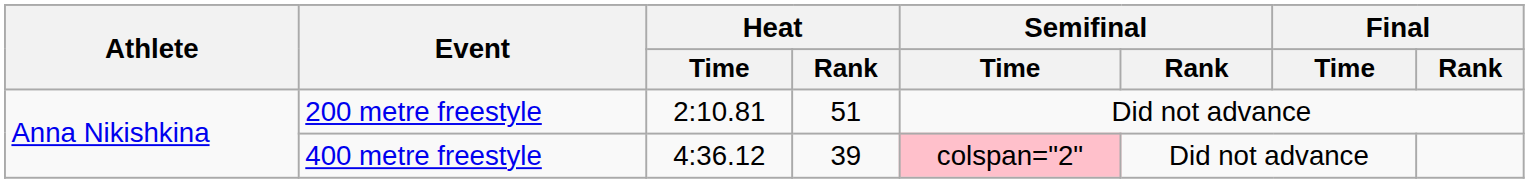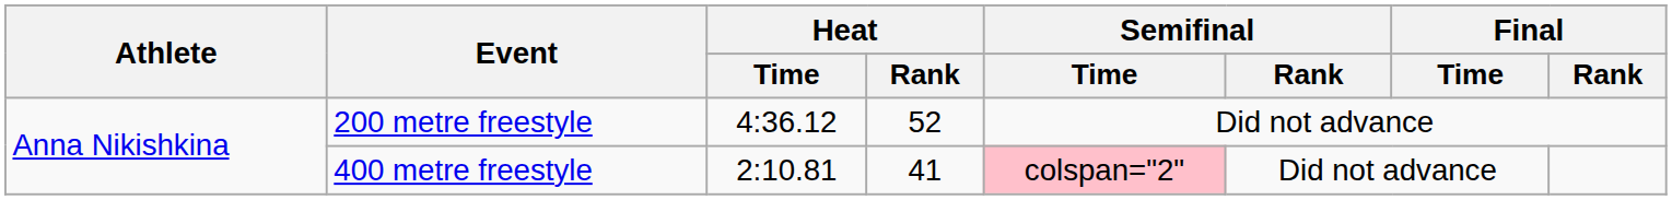 <table class="wikitable" style="text-align:center; font-size:90%; width:50%;">
 <tr>
 <th rowspan="2">Athlete</th>
 <th rowspan="2">Event</th>
 <th colspan="2">Heat</th>
 <th colspan="2">Semifinal</th>
 <th colspan="2">Final</th>
 </tr>
 <tr style="font-size:95%">
 <th>Time</th>
 <th>Rank</th>
 <th>Time</th>
 <th>Rank</th>
 <th>Time</th>
 <th>Rank</th>
 </tr>
 <tr>
 <td align=left rowspan=2><a href='#'>Anna Nikishkina</a></td>
 <td align=left><a href='#'>200 metre freestyle</a></td>
-<td>2:10.81</td>
-<td>51</td>
+<td>4:36.12</td>
+<td>52</td>
 <td colspan=4>Did not advance</td>
 </tr>
 <tr>
 <td align=left><a href='#'>400 metre freestyle</a></td>
-<td>4:36.12</td>
-<td>39</td>
+<td>2:10.81</td>
+<td>41</td>
 <td style="background: pink;">colspan="2" </td>
 <td colspan="2">Did not advance</td>
 </tr>
 </table>
